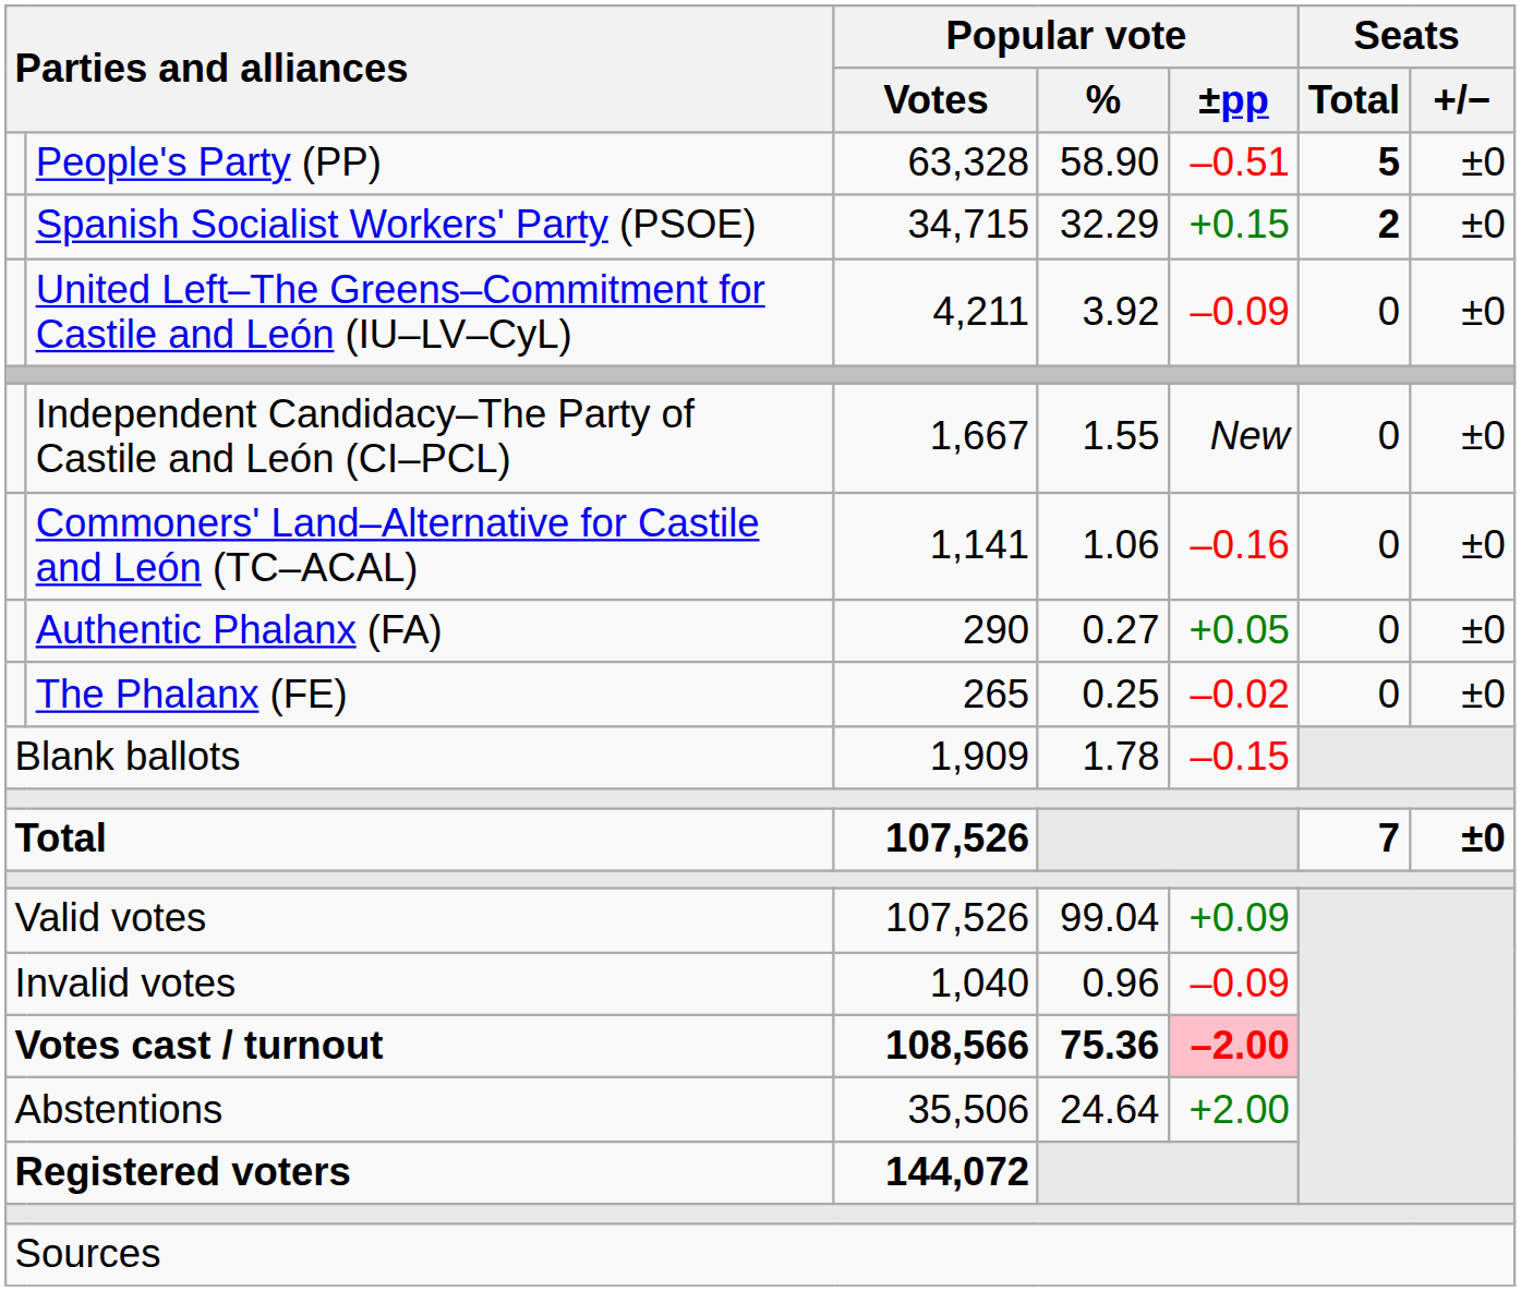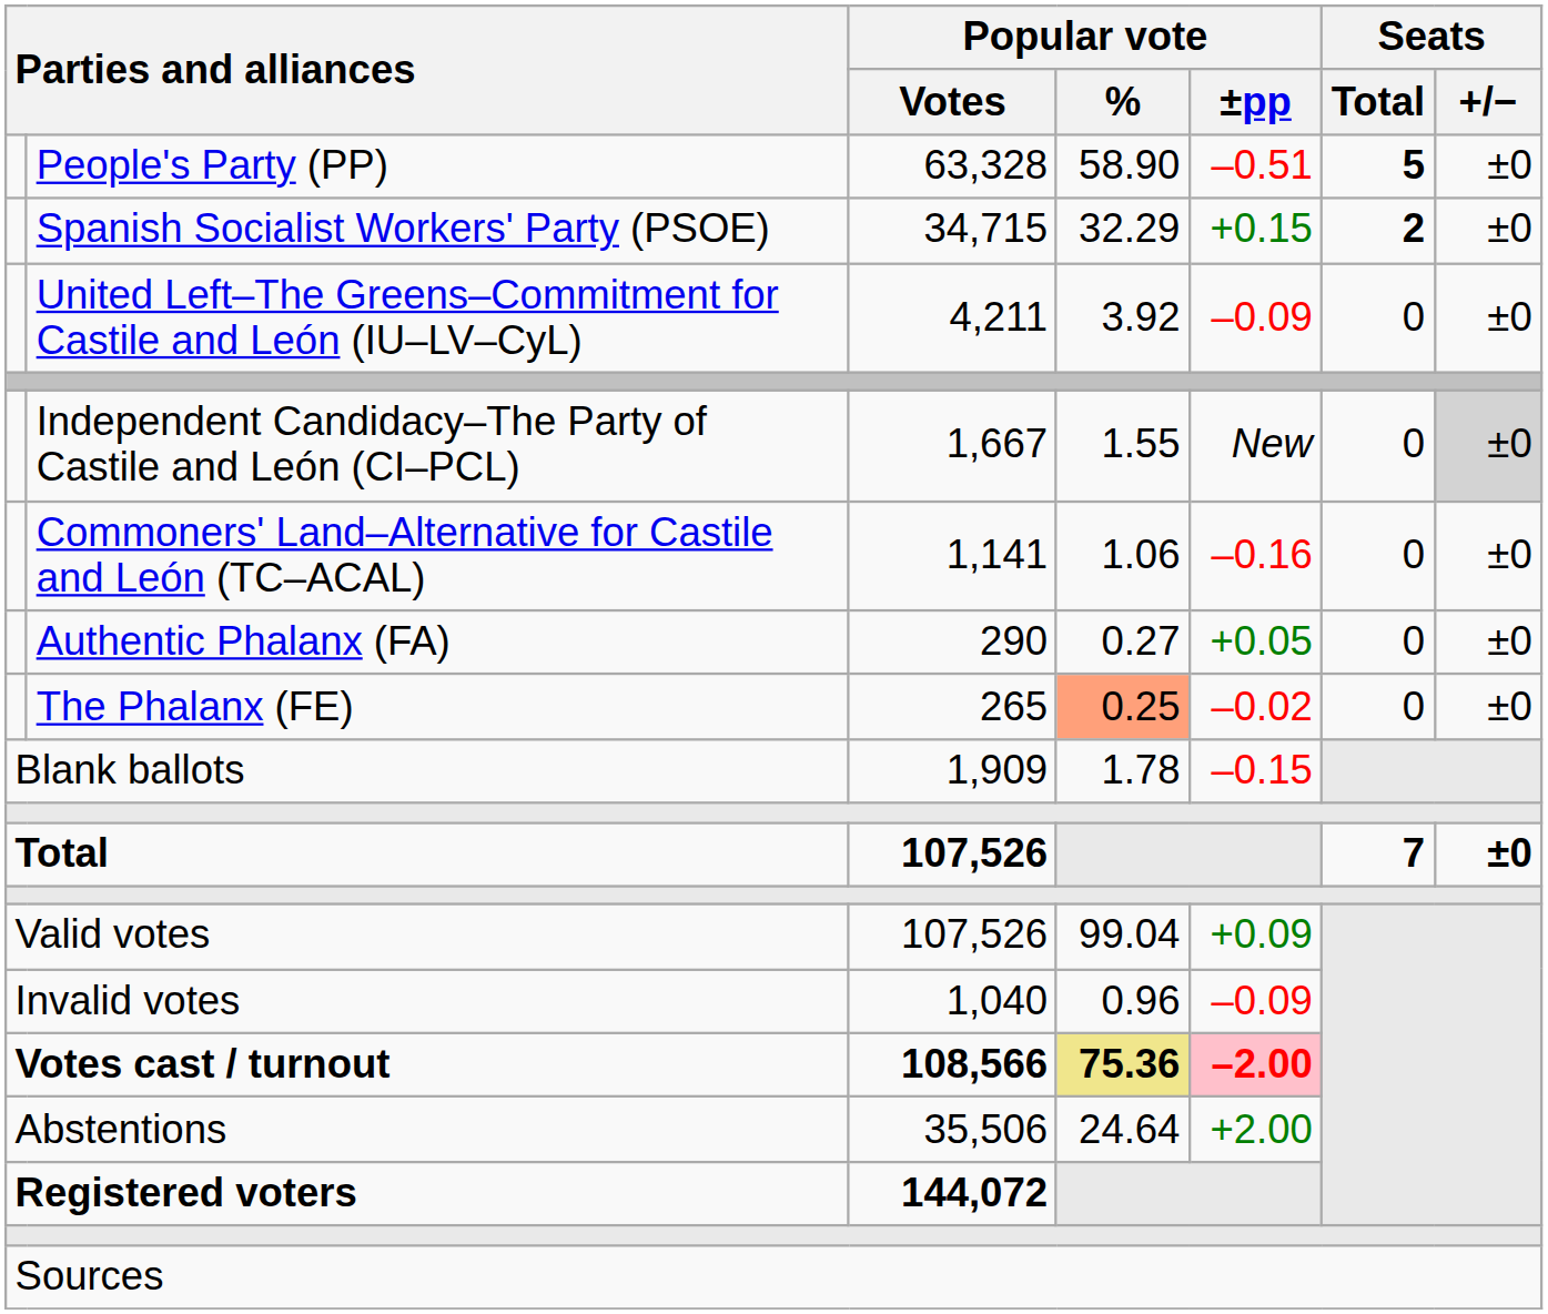 <table class="wikitable" style="text-align:right;">
 <tr>
 <th style="text-align:left;" rowspan="2" colspan="2" width="525">Parties and alliances</th>
 <th colspan="3">Popular vote</th>
 <th colspan="2">Seats</th>
 </tr>
 <tr>
 <th width="75">Votes</th>
 <th width="45">%</th>
 <th width="45">±<a href='#'>pp</a></th>
 <th width="35">Total</th>
 <th width="35">+/−</th>
 </tr>
 <tr>
 <td width="1" style="color:inherit;background:"></td>
 <td align="left"><a href='#'>People's Party</a> (PP)</td>
 <td>63,328</td>
 <td>58.90</td>
 <td style="color:red;">–0.51</td>
 <td><strong>5</strong></td>
 <td>±0</td>
 </tr>
 <tr>
 <td style="color:inherit;background:"></td>
 <td align="left"><a href='#'>Spanish Socialist Workers' Party</a> (PSOE)</td>
 <td>34,715</td>
 <td>32.29</td>
 <td style="color:green;">+0.15</td>
 <td><strong>2</strong></td>
 <td>±0</td>
 </tr>
 <tr>
 <td style="color:inherit;background:"></td>
 <td align="left"><a href='#'>United Left–The Greens–Commitment for Castile and León</a> (IU–LV–CyL)</td>
 <td>4,211</td>
 <td>3.92</td>
 <td style="color:red;">–0.09</td>
 <td>0</td>
 <td>±0</td>
 </tr>
 <tr>
 <td colspan="7" bgcolor="#C0C0C0"></td>
 </tr>
 <tr>
 <td style="color:inherit;background:"></td>
 <td align="left">Independent Candidacy–The Party of Castile and León (CI–PCL)</td>
 <td>1,667</td>
 <td>1.55</td>
 <td><em>New</em></td>
 <td>0</td>
-<td>±0</td>
+<td style="background: lightgrey;">±0</td>
 </tr>
 <tr>
 <td style="color:inherit;background:"></td>
 <td align="left"><a href='#'>Commoners' Land–Alternative for Castile and León</a> (TC–ACAL)</td>
 <td>1,141</td>
 <td>1.06</td>
 <td style="color:red;">–0.16</td>
 <td>0</td>
 <td>±0</td>
 </tr>
 <tr>
 <td style="color:inherit;background:"></td>
 <td align="left"><a href='#'>Authentic Phalanx</a> (FA)</td>
 <td>290</td>
 <td>0.27</td>
 <td style="color:green;">+0.05</td>
 <td>0</td>
 <td>±0</td>
 </tr>
 <tr>
 <td style="color:inherit;background:"></td>
 <td align="left"><a href='#'>The Phalanx</a> (FE)</td>
 <td>265</td>
-<td>0.25</td>
+<td style="background: lightsalmon;">0.25</td>
 <td style="color:red;">–0.02</td>
 <td>0</td>
 <td>±0</td>
 </tr>
 <tr>
 <td align="left" colspan="2">Blank ballots</td>
 <td>1,909</td>
 <td>1.78</td>
 <td style="color:red;">–0.15</td>
 <td bgcolor="#E9E9E9" colspan="2"></td>
 </tr>
 <tr>
 <td colspan="7" bgcolor="#E9E9E9"></td>
 </tr>
 <tr style="font-weight:bold;">
 <td align="left" colspan="2">Total</td>
 <td>107,526</td>
 <td bgcolor="#E9E9E9" colspan="2"></td>
 <td>7</td>
 <td>±0</td>
 </tr>
 <tr>
 <td colspan="7" bgcolor="#E9E9E9"></td>
 </tr>
 <tr>
 <td align="left" colspan="2">Valid votes</td>
 <td>107,526</td>
 <td>99.04</td>
 <td style="color:green;">+0.09</td>
 <td bgcolor="#E9E9E9" colspan="2" rowspan="5"></td>
 </tr>
 <tr>
 <td align="left" colspan="2">Invalid votes</td>
 <td>1,040</td>
 <td>0.96</td>
 <td style="color:red;">–0.09</td>
 </tr>
 <tr style="font-weight:bold;">
 <td align="left" colspan="2">Votes cast / turnout</td>
 <td>108,566</td>
-<td>75.36</td>
+<td style="background: khaki;">75.36</td>
 <td style="background: pink; color:red;">–2.00</td>
 </tr>
 <tr>
 <td align="left" colspan="2">Abstentions</td>
 <td>35,506</td>
 <td>24.64</td>
 <td style="color:green;">+2.00</td>
 </tr>
 <tr style="font-weight:bold;">
 <td align="left" colspan="2">Registered voters</td>
 <td>144,072</td>
 <td bgcolor="#E9E9E9" colspan="2"></td>
 </tr>
 <tr>
 <td colspan="7" bgcolor="#E9E9E9"></td>
 </tr>
 <tr>
 <td align="left" colspan="7">Sources</td>
 </tr>
 </table>
